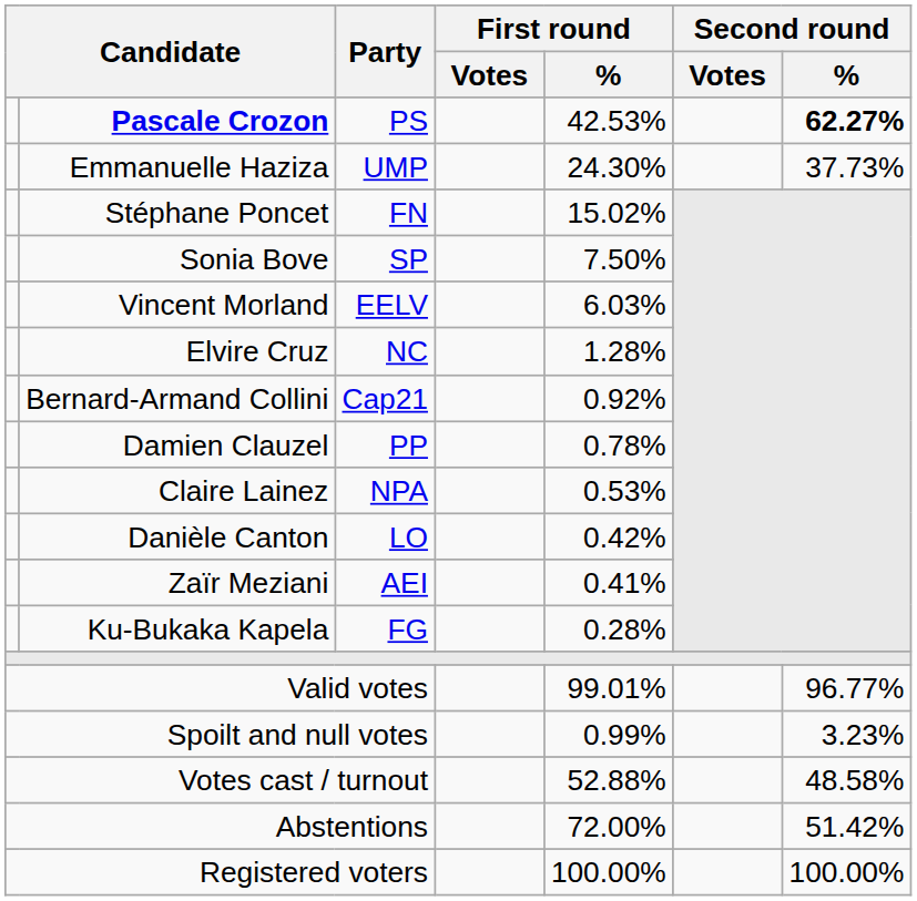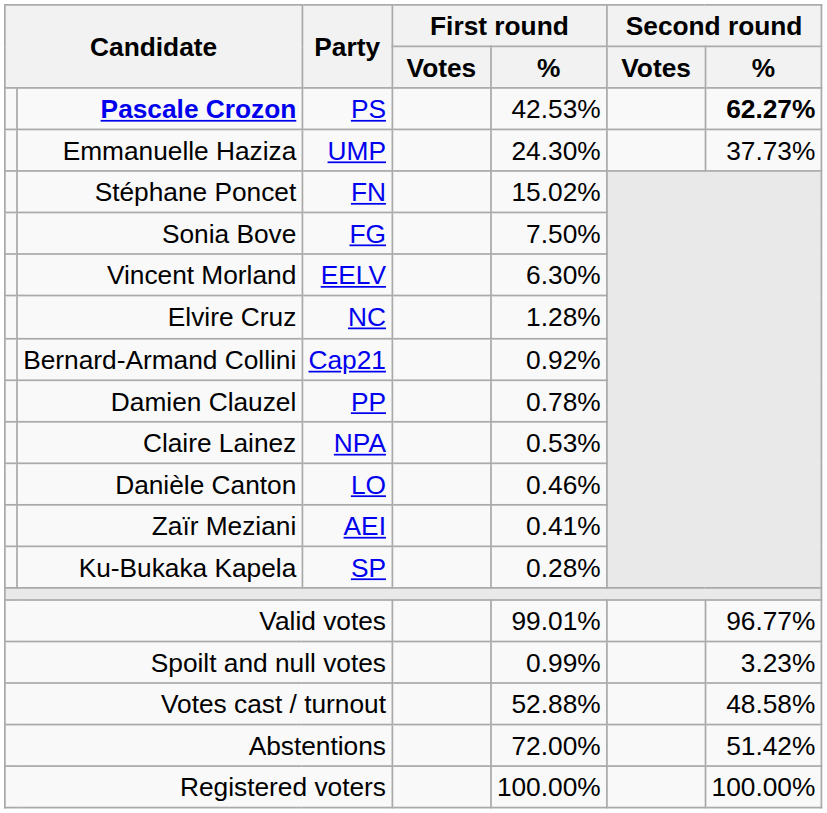 <table class="wikitable" style="text-align:right;font-size:95%;">
 <tr>
 <th rowspan=2 colspan=2>Candidate</th>
 <th rowspan=2 colspan=1>Party</th>
 <th colspan=2>First round</th>
 <th colspan=2>Second round</th>
 </tr>
 <tr>
 <th style="width:50px;">Votes</th>
 <th style="width:55px;">%</th>
 <th style="width:50px;">Votes</th>
 <th style="width:55px;">%</th>
 </tr>
 <tr>
 <td style="color:inherit;background-color:"></td>
 <td><strong><a href='#'>Pascale Crozon</a></strong></td>
 <td><a href='#'>PS</a></td>
 <td></td>
 <td>42.53%</td>
 <td><strong></strong></td>
 <td><strong>62.27%</strong></td>
 </tr>
 <tr>
 <td style="color:inherit;background-color:"></td>
 <td>Emmanuelle Haziza</td>
 <td><a href='#'>UMP</a></td>
 <td></td>
 <td>24.30%</td>
 <td></td>
 <td>37.73%</td>
 </tr>
 <tr>
 <td style="color:inherit;background-color:"></td>
 <td>Stéphane Poncet</td>
 <td><a href='#'>FN</a></td>
 <td></td>
 <td>15.02%</td>
 <td colspan=7 rowspan=10 style="background-color:#E9E9E9;"></td>
 </tr>
 <tr>
 <td style="color:inherit;background-color:"></td>
 <td>Sonia Bove</td>
-<td><a href='#'>SP</a></td>
+<td><a href='#'>FG</a></td>
 <td></td>
 <td>7.50%</td>
 </tr>
 <tr>
 <td style="color:inherit;background-color:"></td>
 <td>Vincent Morland</td>
 <td><a href='#'>EELV</a></td>
 <td></td>
-<td>6.03%</td>
+<td>6.30%</td>
 </tr>
 <tr>
 <td style="color:inherit;background-color:"></td>
 <td>Elvire Cruz</td>
 <td><a href='#'>NC</a></td>
 <td></td>
 <td>1.28%</td>
 </tr>
 <tr>
 <td style="color:inherit;background-color:"></td>
 <td>Bernard-Armand Collini</td>
 <td><a href='#'>Cap21</a></td>
 <td></td>
 <td>0.92%</td>
 </tr>
 <tr>
 <td style="color:inherit;background-color:"></td>
 <td>Damien Clauzel</td>
 <td><a href='#'>PP</a></td>
 <td></td>
 <td>0.78%</td>
 </tr>
 <tr>
 <td style="color:inherit;background-color:"></td>
 <td>Claire Lainez</td>
 <td><a href='#'>NPA</a></td>
 <td></td>
 <td>0.53%</td>
 </tr>
 <tr>
 <td style="color:inherit;background-color:"></td>
 <td>Danièle Canton</td>
 <td><a href='#'>LO</a></td>
 <td></td>
-<td>0.42%</td>
+<td>0.46%</td>
 </tr>
 <tr>
 <td style="color:inherit;background-color:"></td>
 <td>Zaïr Meziani</td>
 <td><a href='#'>AEI</a></td>
 <td></td>
 <td>0.41%</td>
 </tr>
 <tr>
 <td style="color:inherit;background-color:"></td>
 <td>Ku-Bukaka Kapela</td>
-<td><a href='#'>FG</a></td>
+<td><a href='#'>SP</a></td>
 <td></td>
 <td>0.28%</td>
 </tr>
 <tr>
 <td colspan=7 style="background-color:#E9E9E9;"></td>
 </tr>
 <tr>
 <td colspan=3>Valid votes</td>
 <td></td>
 <td>99.01%</td>
 <td></td>
 <td>96.77%</td>
 </tr>
 <tr>
 <td colspan=3>Spoilt and null votes</td>
 <td></td>
 <td>0.99%</td>
 <td></td>
 <td>3.23%</td>
 </tr>
 <tr>
 <td colspan=3>Votes cast / turnout</td>
 <td></td>
 <td>52.88%</td>
 <td></td>
 <td>48.58%</td>
 </tr>
 <tr>
 <td colspan=3>Abstentions</td>
 <td></td>
 <td>72.00%</td>
 <td></td>
 <td>51.42%</td>
 </tr>
 <tr>
 <td colspan=3>Registered voters</td>
 <td></td>
 <td>100.00%</td>
 <td></td>
 <td>100.00%</td>
 </tr>
 </table>
